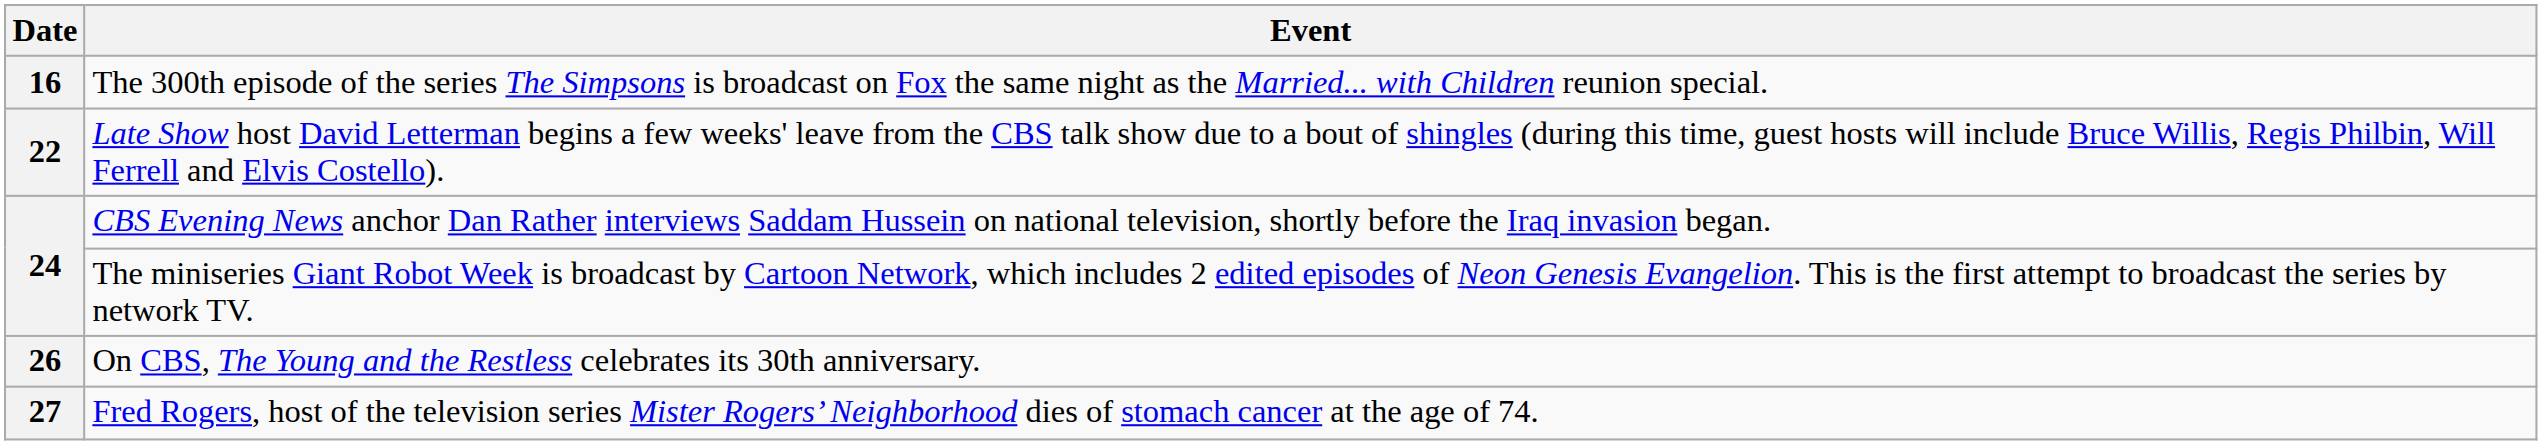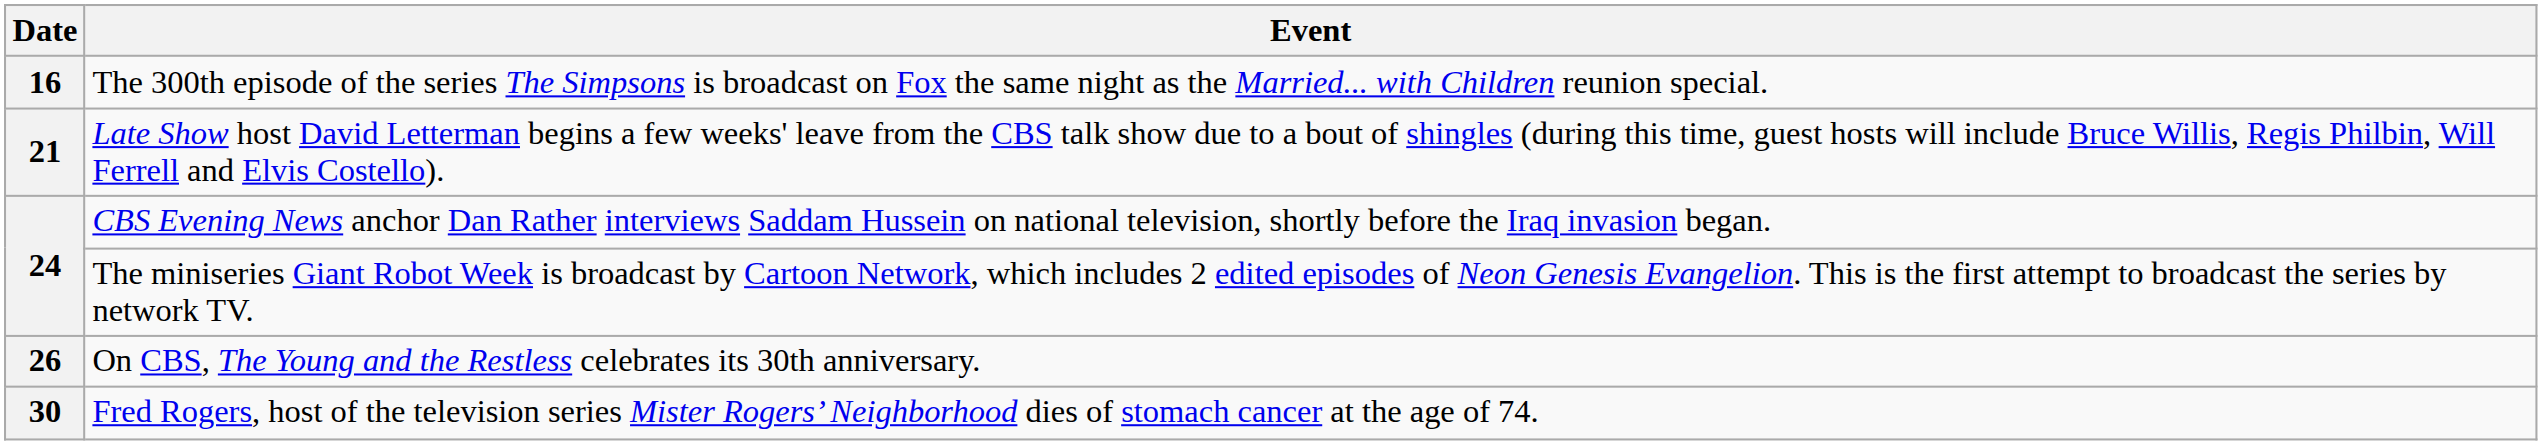 <table class="wikitable">
 <tr>
 <th>Date</th>
 <th>Event</th>
 </tr>
 <tr>
 <th>16</th>
 <td>The 300th episode of the series <em><a href='#'>The Simpsons</a></em> is broadcast on <a href='#'>Fox</a> the same night as the <em><a href='#'>Married... with Children</a></em> reunion special.</td>
 </tr>
 <tr>
-<th>22</th>
+<th>21</th>
 <td><em><a href='#'>Late Show</a></em> host <a href='#'>David Letterman</a> begins a few weeks' leave from the <a href='#'>CBS</a> talk show due to a bout of <a href='#'>shingles</a> (during this time, guest hosts will include <a href='#'>Bruce Willis</a>, <a href='#'>Regis Philbin</a>, <a href='#'>Will Ferrell</a> and <a href='#'>Elvis Costello</a>).</td>
 </tr>
 <tr>
 <th rowspan="2">24</th>
 <td><em><a href='#'>CBS Evening News</a></em> anchor <a href='#'>Dan Rather</a> <a href='#'>interviews</a> <a href='#'>Saddam Hussein</a> on national television, shortly before the <a href='#'>Iraq invasion</a> began.</td>
 </tr>
 <tr>
 <td>The miniseries <a href='#'>Giant Robot Week</a> is broadcast by <a href='#'>Cartoon Network</a>, which includes 2 <a href='#'>edited episodes</a> of <em><a href='#'>Neon Genesis Evangelion</a></em>. This is the first attempt to broadcast the series by network TV.</td>
 </tr>
 <tr>
 <th>26</th>
 <td>On <a href='#'>CBS</a>, <em><a href='#'>The Young and the Restless</a></em> celebrates its 30th anniversary.</td>
 </tr>
 <tr>
-<th>27</th>
+<th>30</th>
 <td><a href='#'>Fred Rogers</a>, host of the television series <em><a href='#'>Mister Rogers’ Neighborhood</a></em> dies of <a href='#'>stomach cancer</a> at the age of 74.</td>
 </tr>
 </table>
